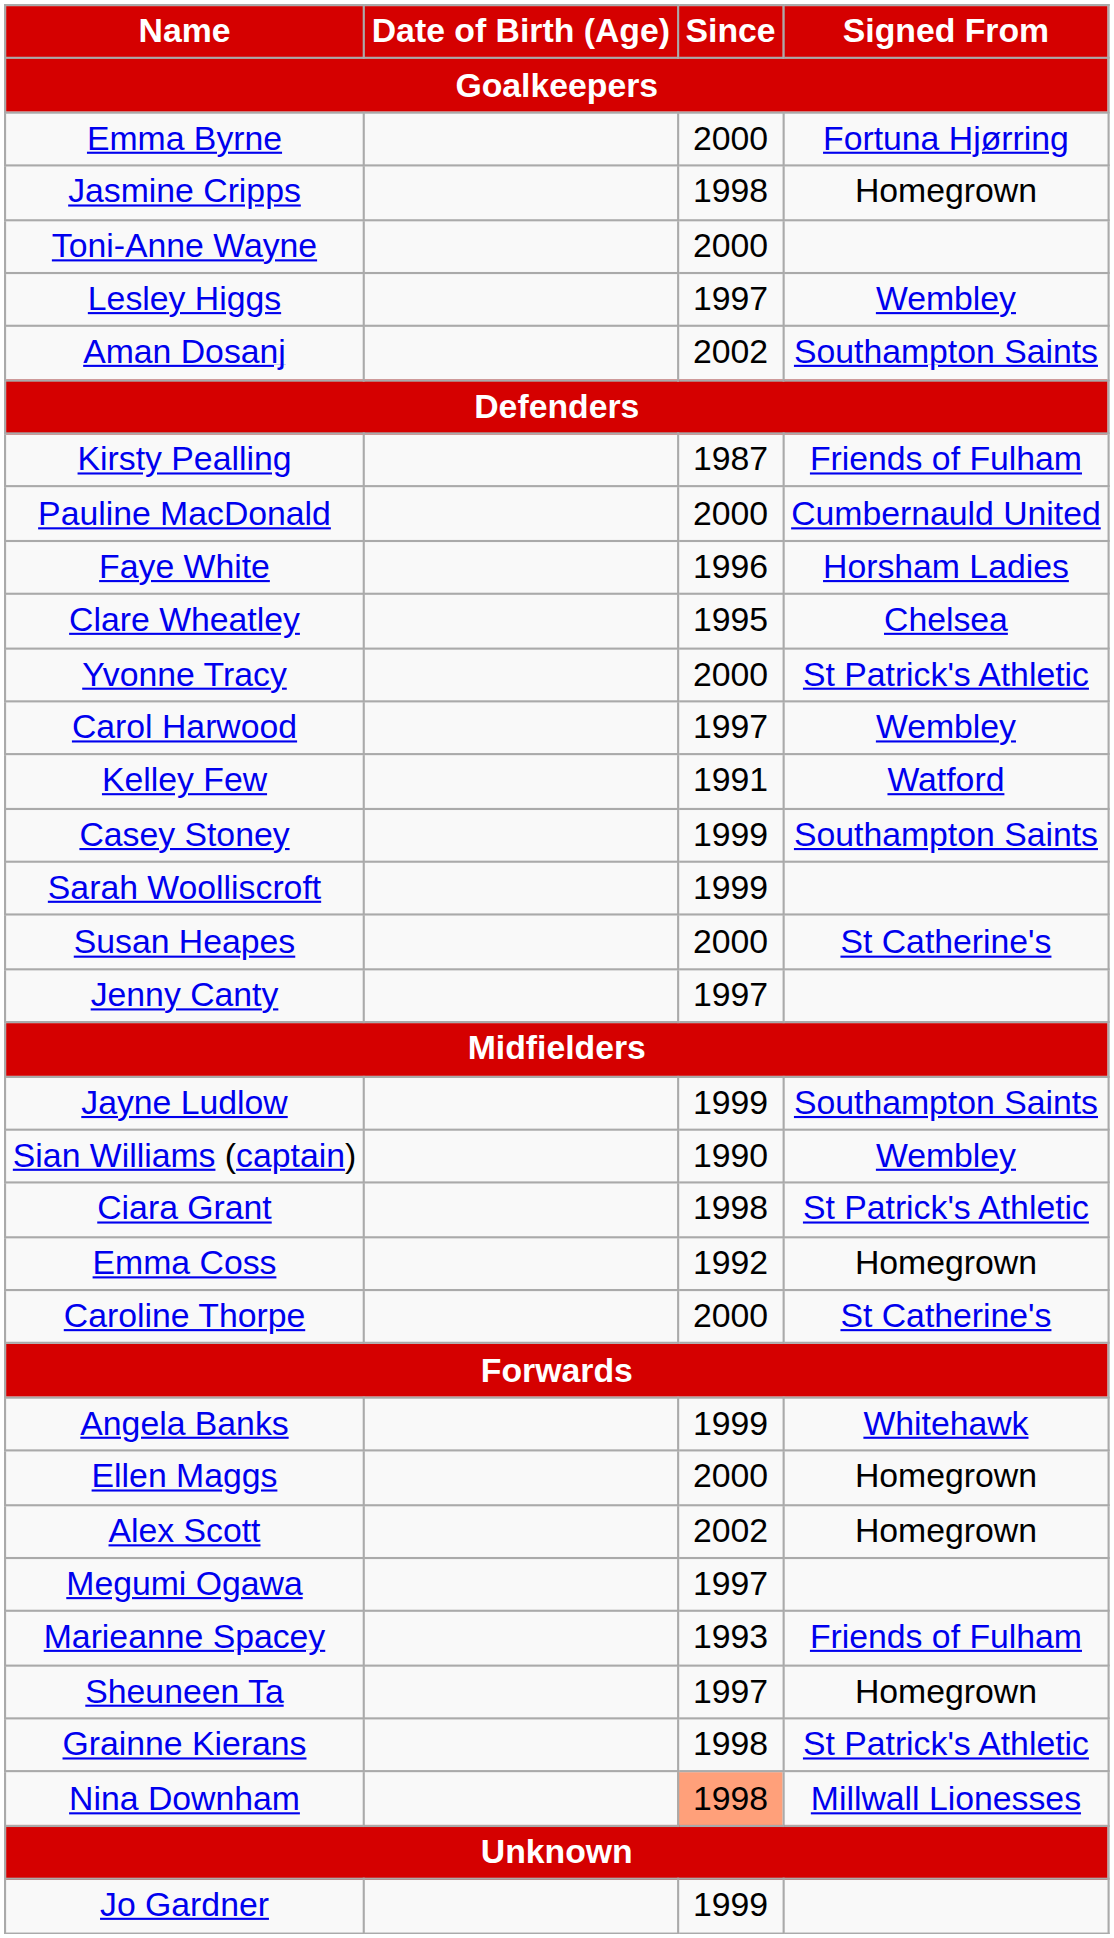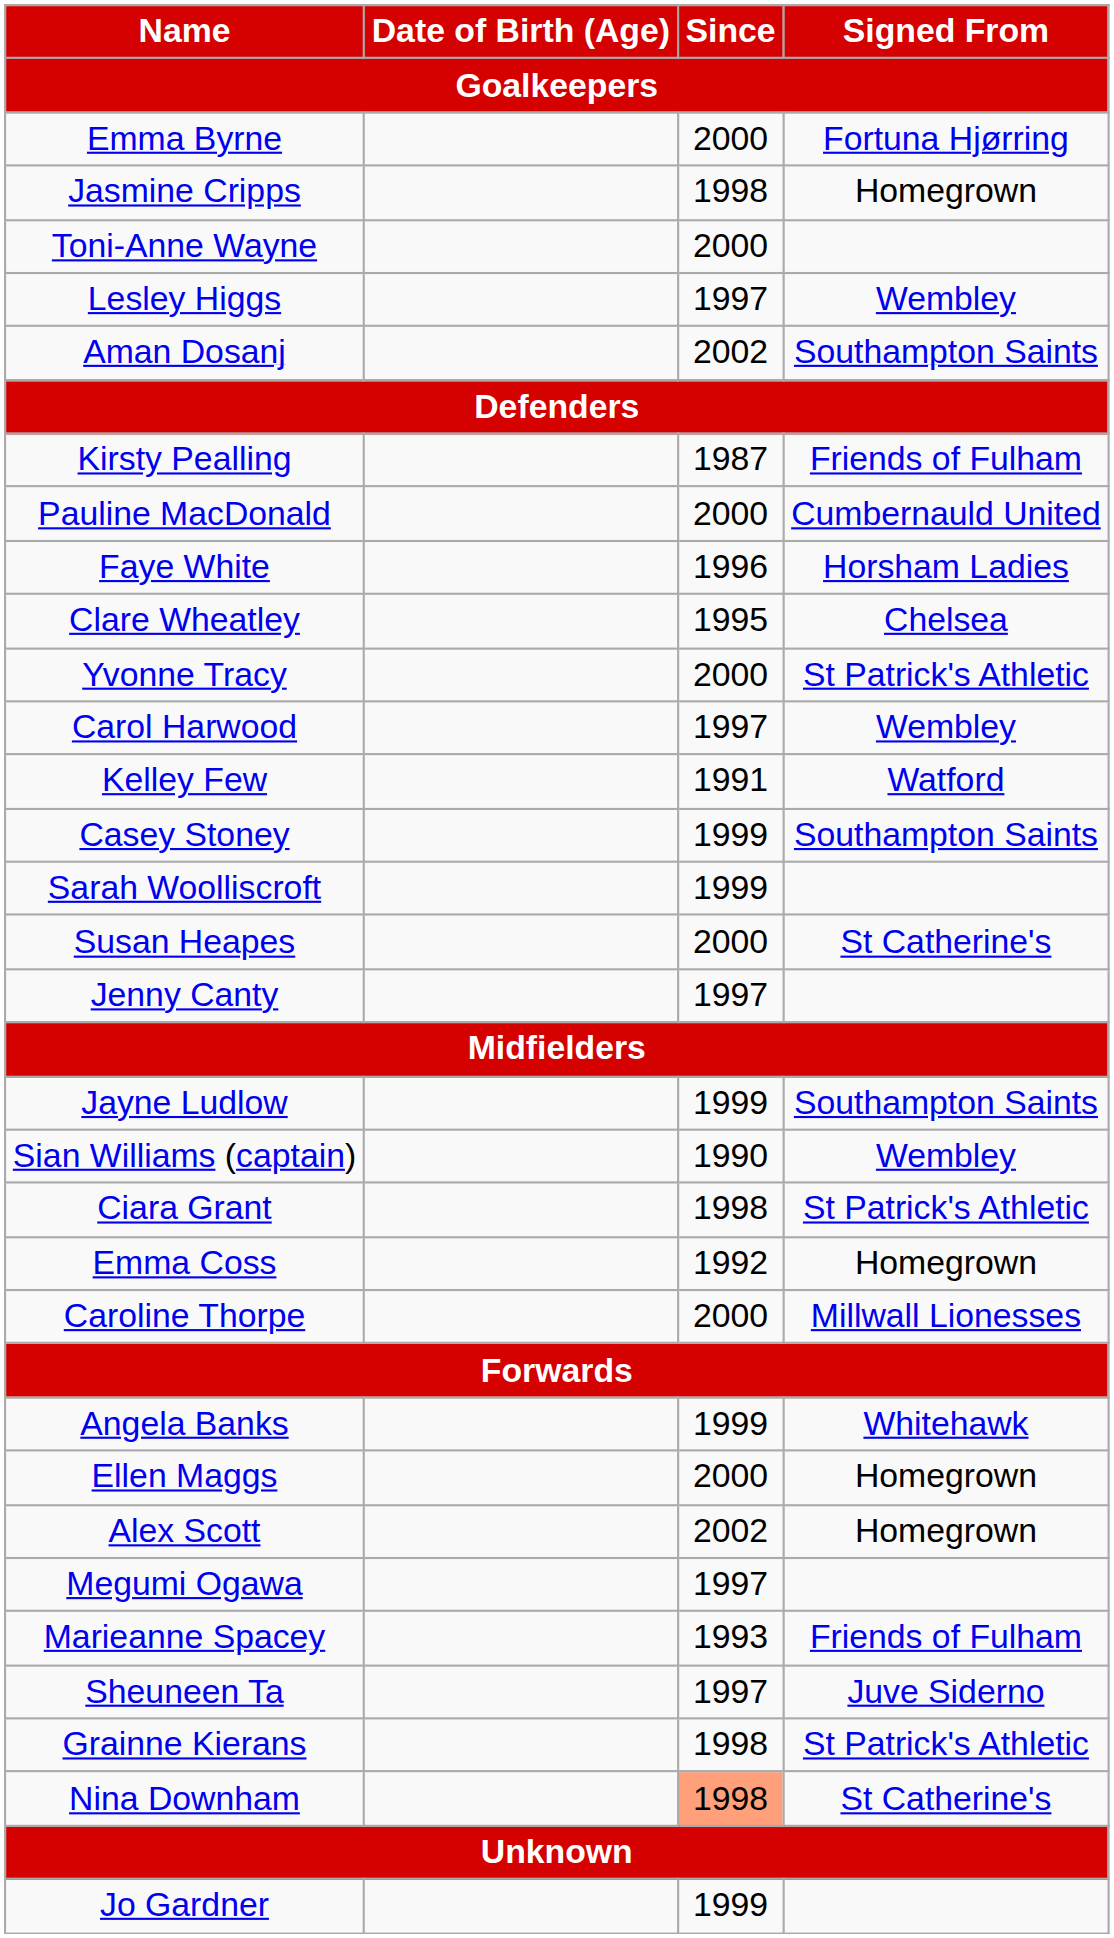 <table class="wikitable" style="text-align:center; font-size:100%; ">
 <tr>
 <th style="background:#d50000; color:white; text-align:center;">Name</th>
 <th style="background:#d50000; color:white; text-align:center;">Date of Birth (Age)</th>
 <th style="background:#d50000; color:white; text-align:center;">Since</th>
 <th style="background:#d50000; color:white; text-align:center;">Signed From</th>
 </tr>
 <tr>
 <th style="background:#d50000; color:white; text-align:center;" colspan="4">Goalkeepers</th>
 </tr>
 <tr>
 <td> <a href='#'>Emma Byrne</a></td>
 <td></td>
 <td>2000</td>
 <td> <a href='#'>Fortuna Hjørring</a></td>
 </tr>
 <tr>
 <td> <a href='#'>Jasmine Cripps</a></td>
 <td></td>
 <td>1998</td>
 <td>Homegrown</td>
 </tr>
 <tr>
 <td> <a href='#'>Toni-Anne Wayne</a></td>
 <td></td>
 <td>2000</td>
 <td></td>
 </tr>
 <tr>
 <td> <a href='#'>Lesley Higgs</a></td>
 <td></td>
 <td>1997</td>
 <td> <a href='#'>Wembley</a></td>
 </tr>
 <tr>
 <td> <a href='#'>Aman Dosanj</a></td>
 <td></td>
 <td>2002</td>
 <td><em></em> <a href='#'>Southampton Saints</a></td>
 </tr>
 <tr>
 <th style="background:#d50000; color:white; text-align:center;" colspan="4">Defenders</th>
 </tr>
 <tr>
 <td> <a href='#'>Kirsty Pealling</a></td>
 <td></td>
 <td>1987</td>
 <td><em></em> <a href='#'>Friends of Fulham</a></td>
 </tr>
 <tr>
 <td> <a href='#'>Pauline MacDonald</a></td>
 <td></td>
 <td>2000</td>
 <td> <a href='#'>Cumbernauld United</a></td>
 </tr>
 <tr>
 <td> <a href='#'>Faye White</a></td>
 <td></td>
 <td>1996</td>
 <td> <a href='#'>Horsham Ladies</a></td>
 </tr>
 <tr>
 <td> <a href='#'>Clare Wheatley</a></td>
 <td></td>
 <td>1995</td>
 <td> <a href='#'>Chelsea</a></td>
 </tr>
 <tr>
 <td> <a href='#'>Yvonne Tracy</a></td>
 <td></td>
 <td>2000</td>
 <td> <a href='#'>St Patrick's Athletic</a></td>
 </tr>
 <tr>
 <td> <a href='#'>Carol Harwood</a></td>
 <td></td>
 <td>1997</td>
 <td> <a href='#'>Wembley</a></td>
 </tr>
 <tr>
 <td> <a href='#'>Kelley Few</a></td>
 <td></td>
 <td>1991</td>
 <td> <a href='#'>Watford</a></td>
 </tr>
 <tr>
 <td> <a href='#'>Casey Stoney</a></td>
 <td></td>
 <td>1999</td>
 <td><em></em> <a href='#'>Southampton Saints</a></td>
 </tr>
 <tr>
 <td> <a href='#'>Sarah Woolliscroft</a></td>
 <td></td>
 <td>1999</td>
 <td></td>
 </tr>
 <tr>
 <td> <a href='#'>Susan Heapes</a></td>
 <td></td>
 <td>2000</td>
 <td> <a href='#'>St Catherine's</a></td>
 </tr>
 <tr>
 <td> <a href='#'>Jenny Canty</a></td>
 <td></td>
 <td>1997</td>
 <td></td>
 </tr>
 <tr>
 <th style="background:#d50000; color:white; text-align:center;" colspan="4">Midfielders</th>
 </tr>
 <tr>
 <td> <a href='#'>Jayne Ludlow</a></td>
 <td></td>
 <td>1999</td>
 <td><em></em> <a href='#'>Southampton Saints</a></td>
 </tr>
 <tr>
 <td> <a href='#'>Sian Williams</a> (<a href='#'>captain</a>)</td>
 <td></td>
 <td>1990</td>
 <td> <a href='#'>Wembley</a></td>
 </tr>
 <tr>
 <td> <a href='#'>Ciara Grant</a></td>
 <td></td>
 <td>1998</td>
 <td> <a href='#'>St Patrick's Athletic</a></td>
 </tr>
 <tr>
 <td> <a href='#'>Emma Coss</a></td>
 <td></td>
 <td>1992</td>
 <td>Homegrown</td>
 </tr>
 <tr>
 <td> <a href='#'>Caroline Thorpe</a></td>
 <td></td>
 <td>2000</td>
-<td> <a href='#'>St Catherine's</a></td>
+<td><em></em> <a href='#'>Millwall Lionesses</a></td>
 </tr>
 <tr>
 <th style="background:#d50000; color:white; text-align:center;" colspan="4">Forwards</th>
 </tr>
 <tr>
 <td> <a href='#'>Angela Banks</a></td>
 <td></td>
 <td>1999</td>
 <td><em></em> <a href='#'>Whitehawk</a></td>
 </tr>
 <tr>
 <td> <a href='#'>Ellen Maggs</a></td>
 <td></td>
 <td>2000</td>
 <td>Homegrown</td>
 </tr>
 <tr>
 <td> <a href='#'>Alex Scott</a></td>
 <td></td>
 <td>2002</td>
 <td>Homegrown</td>
 </tr>
 <tr>
 <td> <a href='#'>Megumi Ogawa</a></td>
 <td></td>
 <td>1997</td>
 <td></td>
 </tr>
 <tr>
 <td> <a href='#'>Marieanne Spacey</a></td>
 <td></td>
 <td>1993</td>
 <td><em></em> <a href='#'>Friends of Fulham</a></td>
 </tr>
 <tr>
 <td> <a href='#'>Sheuneen Ta</a></td>
 <td></td>
 <td>1997</td>
-<td>Homegrown</td>
+<td> <a href='#'>Juve Siderno</a></td>
 </tr>
 <tr>
 <td> <a href='#'>Grainne Kierans</a></td>
 <td></td>
 <td>1998</td>
 <td> <a href='#'>St Patrick's Athletic</a></td>
 </tr>
 <tr>
 <td> <a href='#'>Nina Downham</a></td>
 <td></td>
 <td style="background: lightsalmon;">1998</td>
-<td><em></em> <a href='#'>Millwall Lionesses</a></td>
+<td> <a href='#'>St Catherine's</a></td>
 </tr>
 <tr>
 <th style="background:#d50000; color:white; text-align:center;" colspan="4">Unknown</th>
 </tr>
 <tr>
 <td><a href='#'>Jo Gardner</a></td>
 <td></td>
 <td>1999</td>
 <td></td>
 </tr>
 </table>
